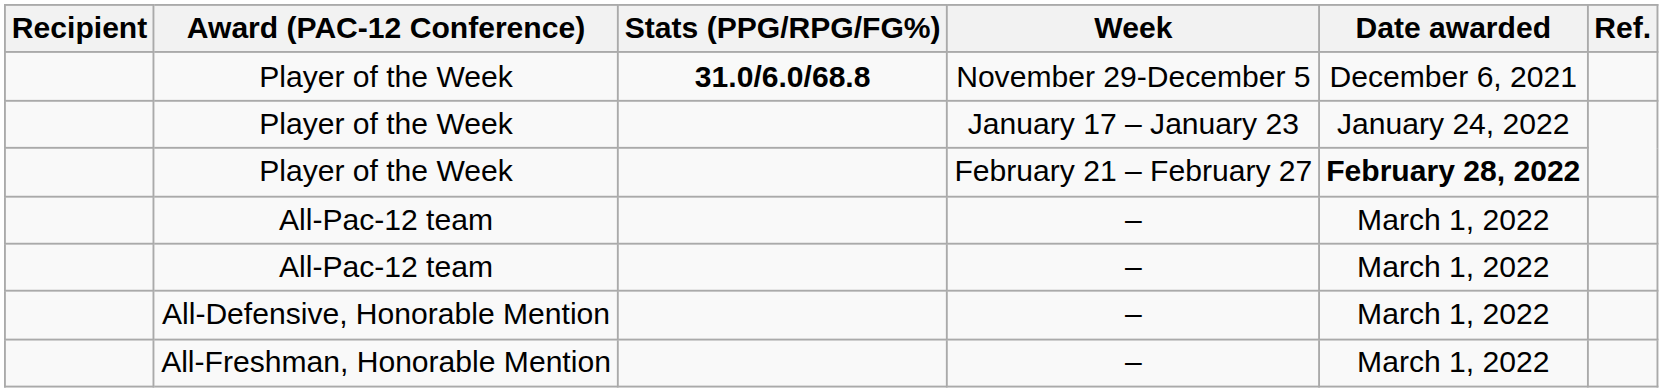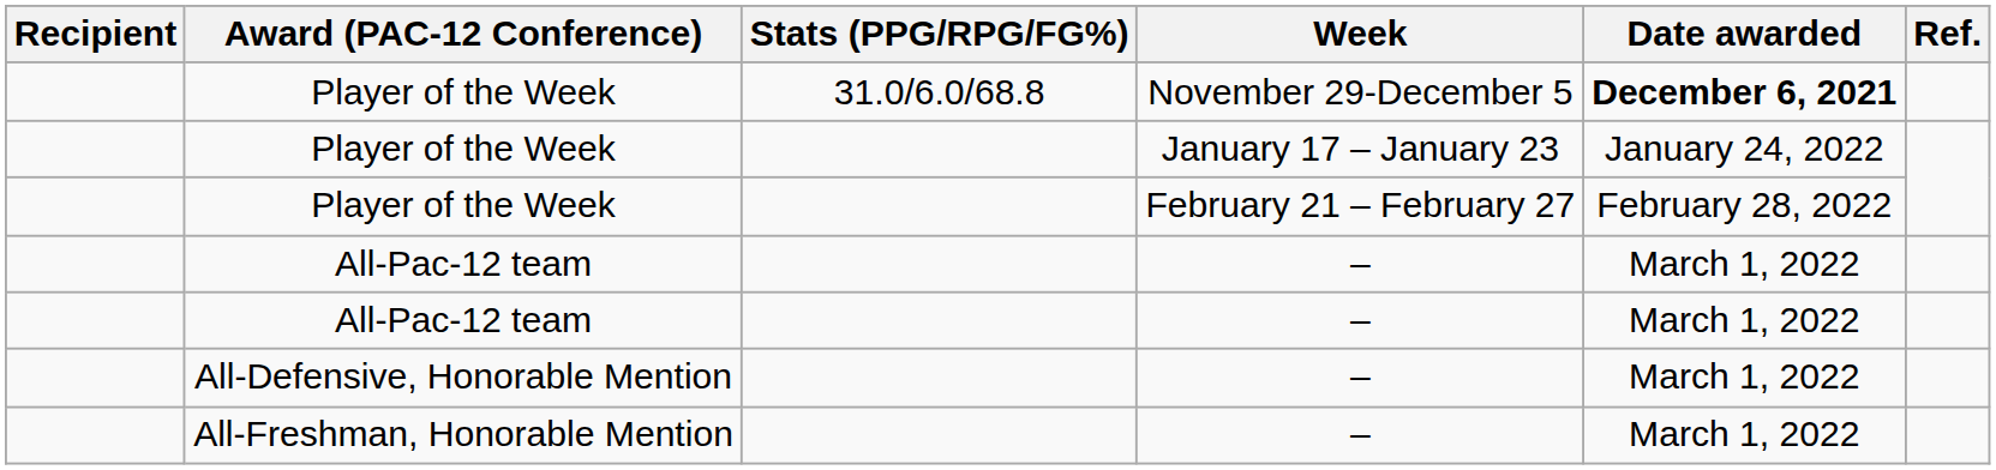 <table class="wikitable sortable" style="text-align:center">
 <tr>
 <th>Recipient</th>
 <th>Award (PAC-12 Conference)</th>
 <th>Stats (PPG/RPG/FG%)</th>
 <th>Week</th>
 <th>Date awarded</th>
 <th>Ref.</th>
 </tr>
 <tr>
 <td></td>
 <td>Player of the Week</td>
-<td><strong>31.0/6.0/68.8</strong></td>
+<td>31.0/6.0/68.8</td>
 <td>November 29-December 5</td>
-<td>December 6, 2021</td>
+<td><strong>December 6, 2021</strong></td>
 <td></td>
 </tr>
 <tr>
 <td></td>
 <td>Player of the Week</td>
 <td></td>
 <td>January 17 – January 23</td>
 <td>January 24, 2022</td>
 </tr>
 <tr>
 <td></td>
 <td>Player of the Week</td>
 <td></td>
 <td>February 21 – February 27</td>
-<td><strong>February 28, 2022</strong></td>
+<td>February 28, 2022</td>
 </tr>
 <tr>
 <td></td>
 <td>All-Pac-12 team</td>
 <td></td>
 <td>–</td>
 <td>March 1, 2022</td>
 <td></td>
 </tr>
 <tr>
 <td></td>
 <td>All-Pac-12 team</td>
 <td></td>
 <td>–</td>
 <td>March 1, 2022</td>
 <td></td>
 </tr>
 <tr>
 <td></td>
 <td>All-Defensive, Honorable Mention</td>
 <td></td>
 <td>–</td>
 <td>March 1, 2022</td>
 <td></td>
 </tr>
 <tr>
 <td></td>
 <td>All-Freshman, Honorable Mention</td>
 <td></td>
 <td>–</td>
 <td>March 1, 2022</td>
 <td></td>
 </tr>
 </table>
